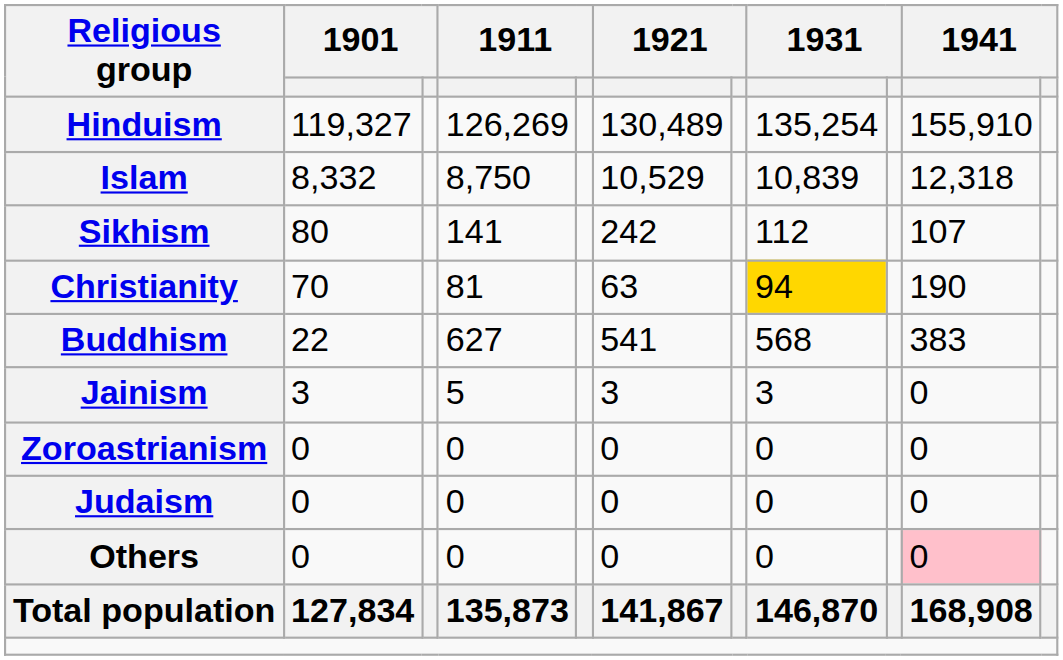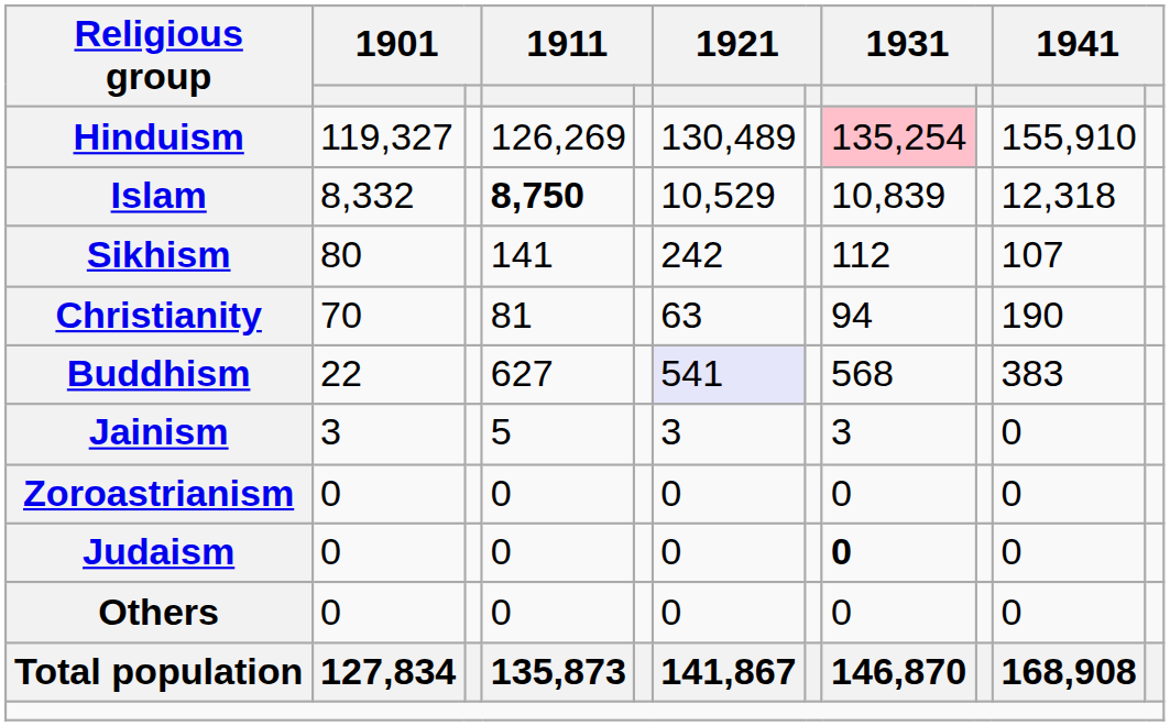 <table class="wikitable sortable">
 <tr>
 <th rowspan="2"><a href='#'>Religious</a><br>group</th>
 <th colspan="2">1901</th>
 <th colspan="2">1911</th>
 <th colspan="2">1921</th>
 <th colspan="2">1931</th>
 <th colspan="2">1941</th>
 </tr>
 <tr>
 <th><a href='#'></a></th>
 <th></th>
 <th></th>
 <th></th>
 <th></th>
 <th></th>
 <th></th>
 <th></th>
 <th></th>
 <th></th>
 </tr>
 <tr>
 <th><a href='#'>Hinduism</a> </th>
 <td>119,327</td>
 <td></td>
 <td>126,269</td>
 <td></td>
 <td>130,489</td>
 <td></td>
-<td>135,254</td>
+<td style="background: pink;">135,254</td>
 <td></td>
 <td>155,910</td>
 <td></td>
 </tr>
 <tr>
 <th><a href='#'>Islam</a> </th>
 <td>8,332</td>
 <td></td>
-<td>8,750</td>
+<td><strong>8,750</strong></td>
 <td></td>
 <td>10,529</td>
 <td></td>
 <td>10,839</td>
 <td></td>
 <td>12,318</td>
 <td></td>
 </tr>
 <tr>
 <th><a href='#'>Sikhism</a> </th>
 <td>80</td>
 <td></td>
 <td>141</td>
 <td></td>
 <td>242</td>
 <td></td>
 <td>112</td>
 <td></td>
 <td>107</td>
 <td></td>
 </tr>
 <tr>
 <th><a href='#'>Christianity</a> </th>
 <td>70</td>
 <td></td>
 <td>81</td>
 <td></td>
 <td>63</td>
 <td></td>
-<td style="background: gold;">94</td>
+<td>94</td>
 <td></td>
 <td>190</td>
 <td></td>
 </tr>
 <tr>
 <th><a href='#'>Buddhism</a> </th>
 <td>22</td>
 <td></td>
 <td>627</td>
 <td></td>
-<td>541</td>
+<td style="background: lavender;">541</td>
 <td></td>
 <td>568</td>
 <td></td>
 <td>383</td>
 <td></td>
 </tr>
 <tr>
 <th><a href='#'>Jainism</a> </th>
 <td>3</td>
 <td></td>
 <td>5</td>
 <td></td>
 <td>3</td>
 <td></td>
 <td>3</td>
 <td></td>
 <td>0</td>
 <td></td>
 </tr>
 <tr>
 <th><a href='#'>Zoroastrianism</a> </th>
 <td>0</td>
 <td></td>
 <td>0</td>
 <td></td>
 <td>0</td>
 <td></td>
 <td>0</td>
 <td></td>
 <td>0</td>
 <td></td>
 </tr>
 <tr>
 <th><a href='#'>Judaism</a> </th>
 <td>0</td>
 <td></td>
 <td>0</td>
 <td></td>
 <td>0</td>
 <td></td>
-<td>0</td>
+<td><strong>0</strong></td>
 <td></td>
 <td>0</td>
 <td></td>
 </tr>
 <tr>
 <th>Others</th>
 <td>0</td>
 <td></td>
 <td>0</td>
 <td></td>
 <td>0</td>
 <td></td>
 <td>0</td>
 <td></td>
-<td style="background: pink;">0</td>
+<td>0</td>
 <td></td>
 </tr>
 <tr>
 <th>Total population</th>
 <th>127,834</th>
 <th></th>
 <th>135,873</th>
 <th></th>
 <th>141,867</th>
 <th></th>
 <th>146,870</th>
 <th></th>
 <th>168,908</th>
 <th></th>
 </tr>
 <tr class="sortbottom">
 <td colspan="11"></td>
 </tr>
 </table>
